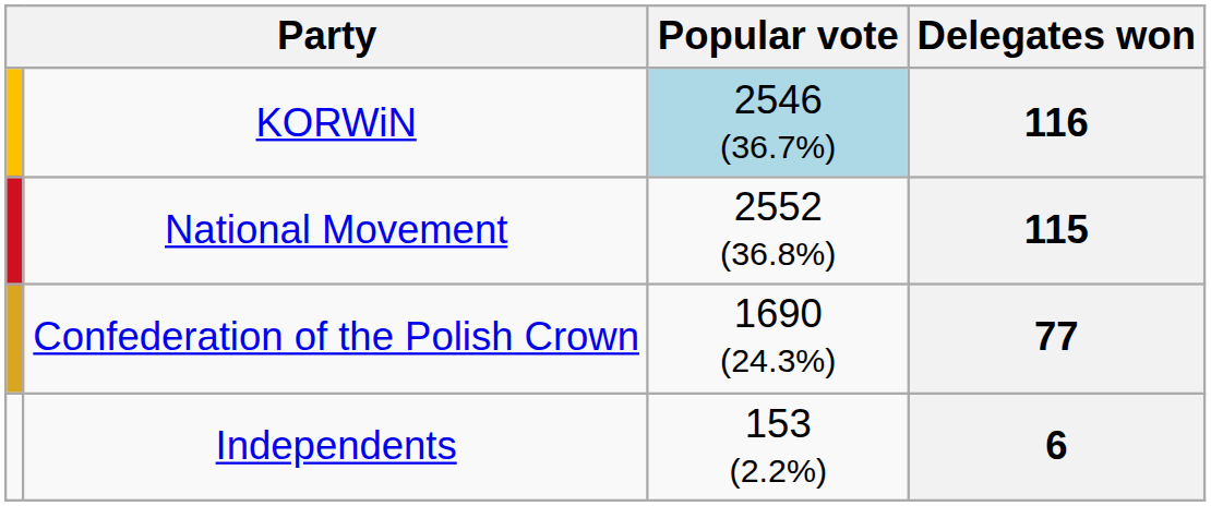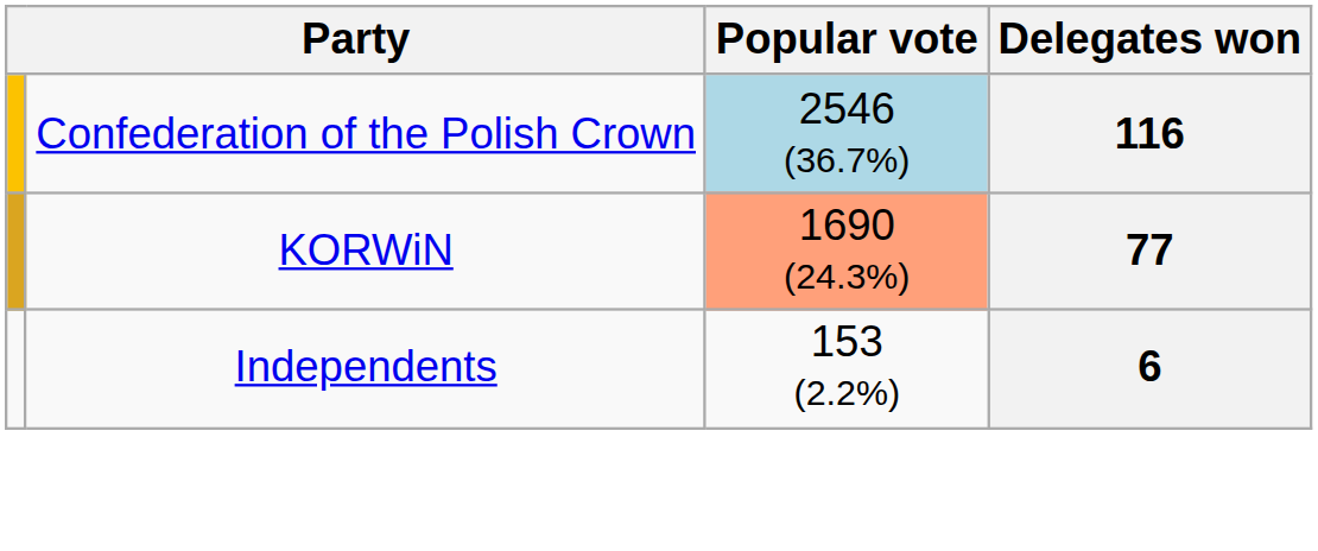 <table class="wikitable sortable" style="text-align:center;">
 <tr>
 <th colspan=2>Party</th>
 <th>Popular vote</th>
 <th>Delegates won</th>
 </tr>
 <tr>
 <td style="background:#FCC200;"></td>
-<td><a href='#'>KORWiN</a></td>
+<td><a href='#'>Confederation of the Polish Crown</a></td>
 <td style="background: lightblue;">2546<br><small>(36.7%)</small></td>
 <th scope="row" data-sort-value="116">116</th>
 </tr>
 <tr>
-<td style="background:#CF1020;"></td>
-<td><a href='#'>National Movement</a></td>
-<td>2552<br><small>(36.8%)</small></td>
-<th scope="row" data-sort-value="115">115</th>
-</tr>
-<tr>
 <td style="background:#DAA520;"></td>
-<td><a href='#'>Confederation of the Polish Crown</a></td>
-<td>1690<br><small>(24.3%)</small></td>
+<td><a href='#'>KORWiN</a></td>
+<td style="background: lightsalmon;">1690<br><small>(24.3%)</small></td>
 <th scope="row" data-sort-value="77">77</th>
 </tr>
 <tr>
 <td style="background:"></td>
 <td><a href='#'>Independents</a></td>
 <td>153<br><small>(2.2%)</small></td>
 <th scope="row" data-sort-value="6">6</th>
 </tr>
 </table>
